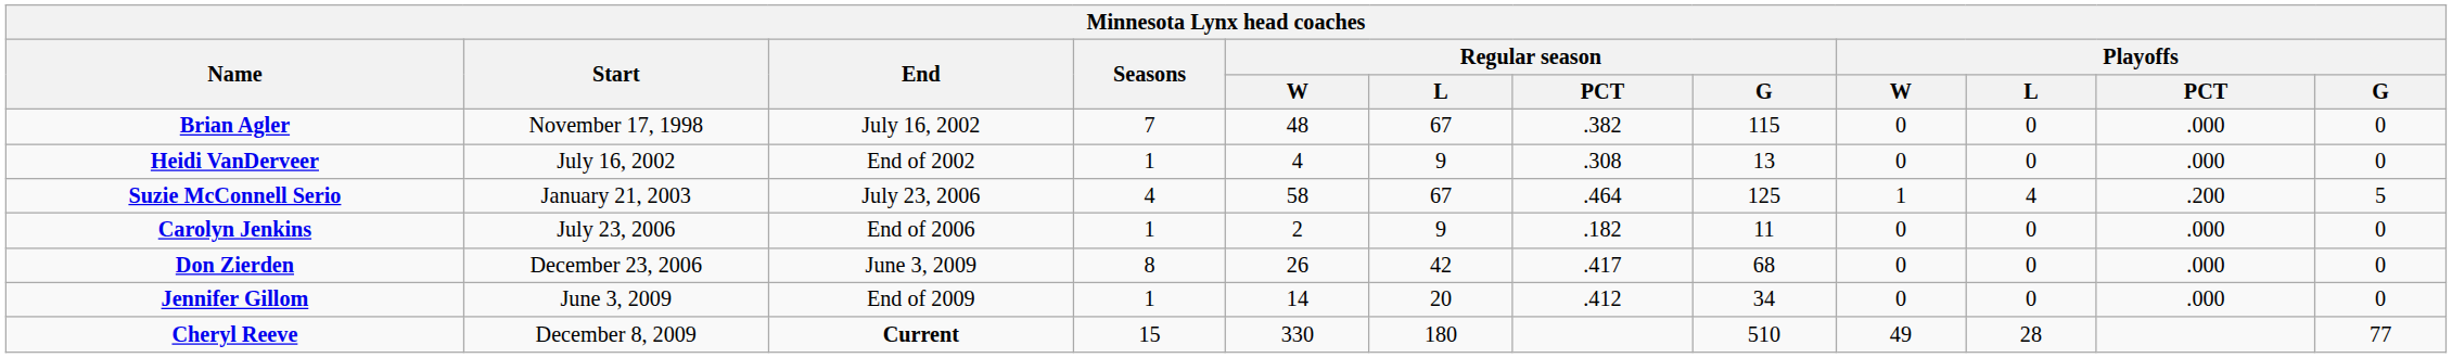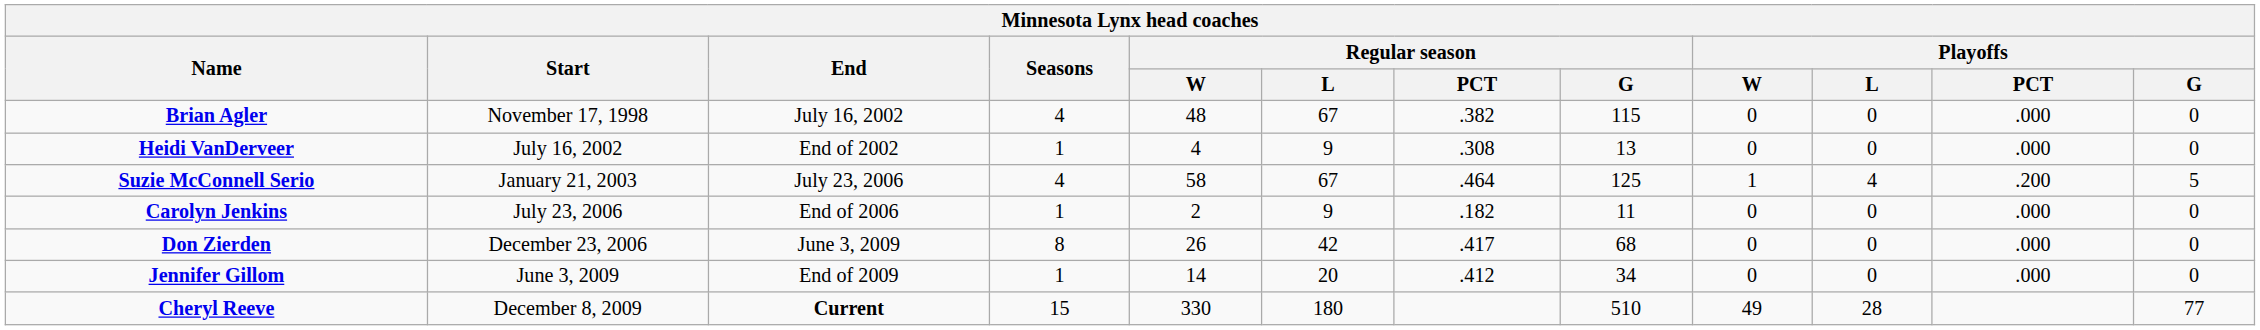 <table class="wikitable" style="width:90%; clear:both; margin:1.5em auto; text-align:center;">
 <tr>
 <th colspan=12>Minnesota Lynx head coaches</th>
 </tr>
 <tr>
 <th style="width:15%;" rowspan=2>Name</th>
 <th style="width:10%;" rowspan=2>Start</th>
 <th style="width:10%;" rowspan=2>End</th>
 <th style="width:5%;" rowspan=2>Seasons</th>
 <th style="width:20%;" colspan=4>Regular season</th>
 <th style="width:20%;" colspan=4>Playoffs</th>
 </tr>
 <tr>
 <th>W</th>
 <th>L</th>
 <th>PCT</th>
 <th>G</th>
 <th>W</th>
 <th>L</th>
 <th>PCT</th>
 <th>G</th>
 </tr>
 <tr>
 <td><strong><a href='#'>Brian Agler</a></strong></td>
 <td>November 17, 1998</td>
 <td>July 16, 2002</td>
-<td>7</td>
+<td>4</td>
 <td>48</td>
 <td>67</td>
 <td>.382</td>
 <td>115</td>
 <td>0</td>
 <td>0</td>
 <td>.000</td>
 <td>0</td>
 </tr>
 <tr>
 <td><strong><a href='#'>Heidi VanDerveer</a></strong></td>
 <td>July 16, 2002</td>
 <td>End of 2002</td>
 <td>1</td>
 <td>4</td>
 <td>9</td>
 <td>.308</td>
 <td>13</td>
 <td>0</td>
 <td>0</td>
 <td>.000</td>
 <td>0</td>
 </tr>
 <tr>
 <td><strong><a href='#'>Suzie McConnell Serio</a></strong></td>
 <td>January 21, 2003</td>
 <td>July 23, 2006</td>
 <td>4</td>
 <td>58</td>
 <td>67</td>
 <td>.464</td>
 <td>125</td>
 <td>1</td>
 <td>4</td>
 <td>.200</td>
 <td>5</td>
 </tr>
 <tr>
 <td><strong><a href='#'>Carolyn Jenkins</a></strong></td>
 <td>July 23, 2006</td>
 <td>End of 2006</td>
 <td>1</td>
 <td>2</td>
 <td>9</td>
 <td>.182</td>
 <td>11</td>
 <td>0</td>
 <td>0</td>
 <td>.000</td>
 <td>0</td>
 </tr>
 <tr>
 <td><strong><a href='#'>Don Zierden</a></strong></td>
 <td>December 23, 2006</td>
 <td>June 3, 2009</td>
 <td>8</td>
 <td>26</td>
 <td>42</td>
 <td>.417</td>
 <td>68</td>
 <td>0</td>
 <td>0</td>
 <td>.000</td>
 <td>0</td>
 </tr>
 <tr>
 <td><strong><a href='#'>Jennifer Gillom</a></strong></td>
 <td>June 3, 2009</td>
 <td>End of 2009</td>
 <td>1</td>
 <td>14</td>
 <td>20</td>
 <td>.412</td>
 <td>34</td>
 <td>0</td>
 <td>0</td>
 <td>.000</td>
 <td>0</td>
 </tr>
 <tr>
 <td><strong><a href='#'>Cheryl Reeve</a></strong></td>
 <td>December 8, 2009</td>
 <td><strong>Current</strong></td>
 <td>15</td>
 <td>330</td>
 <td>180</td>
 <td></td>
 <td>510</td>
 <td>49</td>
 <td>28</td>
 <td></td>
 <td>77</td>
 </tr>
 </table>
